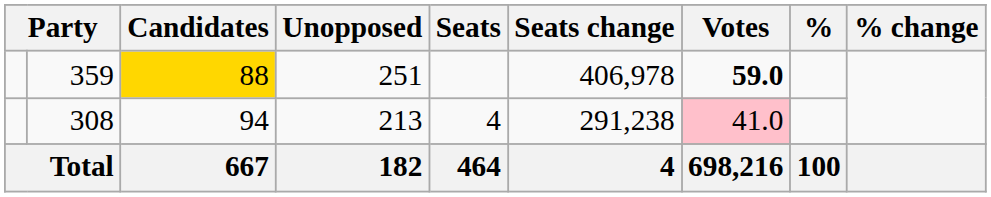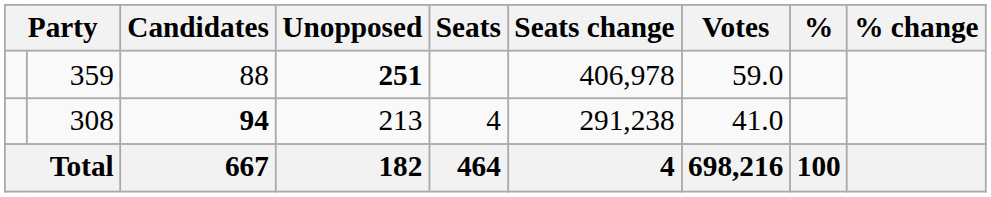 <table class="wikitable sortable">
 <tr>
 <th colspan=2>Party</th>
 <th>Candidates</th>
 <th>Unopposed</th>
 <th>Seats</th>
 <th>Seats change</th>
 <th>Votes</th>
 <th>%</th>
 <th>% change</th>
 </tr>
 <tr>
 <td></td>
 <td align=right>359</td>
-<td align=right style="background: gold;">88</td>
-<td align=right>251</td>
+<td align=right>88</td>
+<td align=right><strong>251</strong></td>
 <td align=right></td>
 <td align=right>406,978</td>
-<td align=right><strong>59.0</strong></td>
+<td align=right>59.0</td>
 <td align=right></td>
 </tr>
 <tr>
 <td></td>
 <td align=right>308</td>
-<td align=right>94</td>
+<td align=right><strong>94</strong></td>
 <td align=right>213</td>
 <td align=right>4</td>
 <td align=right>291,238</td>
-<td align=right style="background: pink;">41.0</td>
+<td align=right>41.0</td>
 <td align=right></td>
 </tr>
 <tr class="sortbottom" style="font-weight: bold; text-align: right; background: #f2f2f2;">
 <th colspan="2" style="padding-left: 1.5em; text-align: left;">Total</th>
 <td align=right>667</td>
 <td align=right>182</td>
 <td align=right>464</td>
 <td align=right>4</td>
 <td align=right>698,216</td>
 <td align=right>100</td>
 <td align=right></td>
 </tr>
 </table>
